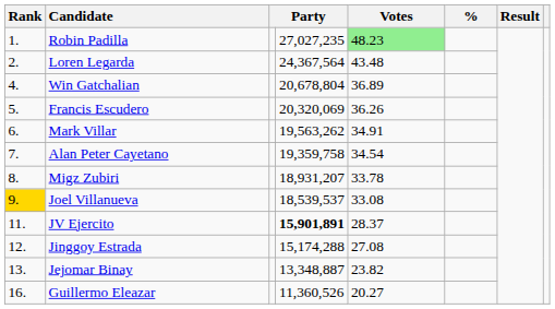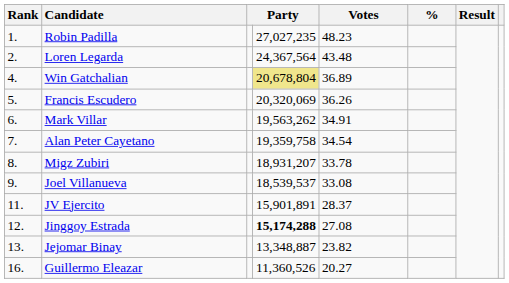 <table class="wikitable">
 <tr>
 <th width="5px">Rank</th>
 <th style="text-align:left;width: 15em">Candidate</th>
 <th colspan="2">Party</th>
 <th width="100px">Votes</th>
 <th width="50px">%</th>
 <th>Result</th>
 <th></th>
 </tr>
 <tr>
 <td>1.</td>
 <td width="200px" style="text-align:left;"><a href='#'>Robin Padilla</a></td>
 <td></td>
 <td>27,027,235</td>
-<td style="background: lightgreen;">48.23</td>
+<td>48.23</td>
 <td></td>
 <td rowspan="12"></td>
 </tr>
 <tr>
 <td>2.</td>
 <td width="200px" style="text-align:left;"><a href='#'>Loren Legarda</a></td>
 <td></td>
 <td>24,367,564</td>
 <td>43.48</td>
 <td></td>
 </tr>
 <tr>
 <td>4.</td>
 <td width="200px" style="text-align:left;"><a href='#'>Win Gatchalian</a></td>
 <td></td>
-<td>20,678,804</td>
+<td style="background: khaki;">20,678,804</td>
 <td>36.89</td>
 <td></td>
 </tr>
 <tr>
 <td>5.</td>
 <td width="200px" style="text-align:left;"><a href='#'>Francis Escudero</a></td>
 <td></td>
 <td>20,320,069</td>
 <td>36.26</td>
 <td></td>
 </tr>
 <tr>
 <td>6.</td>
 <td width="200px" style="text-align:left;"><a href='#'>Mark Villar</a></td>
 <td></td>
 <td>19,563,262</td>
 <td>34.91</td>
 <td></td>
 </tr>
 <tr>
 <td>7.</td>
 <td width="200px" style="text-align:left;"><a href='#'>Alan Peter Cayetano</a></td>
 <td></td>
 <td>19,359,758</td>
 <td>34.54</td>
 <td></td>
 </tr>
 <tr>
 <td>8.</td>
 <td width="200px" style="text-align:left;"><a href='#'>Migz Zubiri</a></td>
 <td></td>
 <td>18,931,207</td>
 <td>33.78</td>
 <td></td>
 </tr>
 <tr>
-<td style="background: gold;">9.</td>
+<td>9.</td>
 <td width="200px" style="text-align:left;"><a href='#'>Joel Villanueva</a></td>
 <td></td>
 <td>18,539,537</td>
 <td>33.08</td>
 <td></td>
 </tr>
 <tr>
 <td>11.</td>
 <td width="200px" style="text-align:left;"><a href='#'>JV Ejercito</a></td>
 <td></td>
-<td><strong>15,901,891</strong></td>
+<td>15,901,891</td>
 <td>28.37</td>
 <td></td>
 </tr>
 <tr>
 <td>12.</td>
 <td width="200px" style="text-align:left;"><a href='#'>Jinggoy Estrada</a></td>
 <td></td>
-<td>15,174,288</td>
+<td><strong>15,174,288</strong></td>
 <td>27.08</td>
 <td></td>
 </tr>
 <tr>
 <td>13.</td>
 <td width="200px" style="text-align:left;"><a href='#'>Jejomar Binay</a></td>
 <td></td>
 <td>13,348,887</td>
 <td>23.82</td>
 <td></td>
 </tr>
 <tr>
 <td>16.</td>
 <td width="200px" style="text-align:left;"><a href='#'>Guillermo Eleazar</a></td>
 <td></td>
 <td>11,360,526</td>
 <td>20.27</td>
 <td></td>
 </tr>
 </table>
